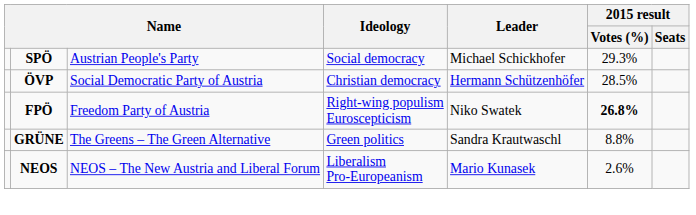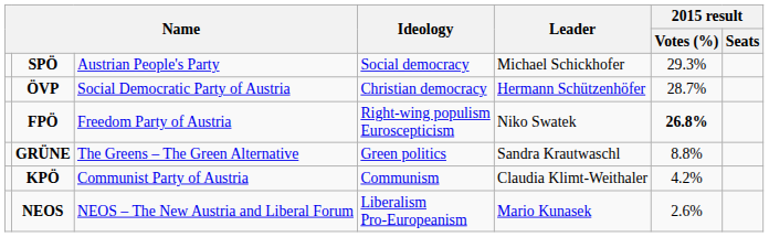 <table class="wikitable">
 <tr>
 <th rowspan="2" colspan="3">Name</th>
 <th rowspan="2">Ideology</th>
 <th rowspan="2">Leader</th>
 <th colspan="2">2015 result</th>
 </tr>
 <tr>
 <th>Votes (%)</th>
 <th>Seats</th>
 </tr>
 <tr>
 <td style="background:"></td>
 <td style="text-align:center;"><strong>SPÖ</strong></td>
 <td><a href='#'>Austrian People's Party</a><br></td>
 <td><a href='#'>Social democracy</a></td>
 <td>Michael Schickhofer</td>
 <td style="text-align:center;">29.3%</td>
 <td></td>
 </tr>
 <tr>
 <td style="background:"></td>
 <td style="text-align:center;"><strong>ÖVP</strong></td>
 <td><a href='#'>Social Democratic Party of Austria</a><br></td>
 <td><a href='#'>Christian democracy</a></td>
 <td><a href='#'>Hermann Schützenhöfer</a></td>
-<td style="text-align:center;">28.5%</td>
+<td style="text-align:center;">28.7%</td>
 <td></td>
 </tr>
 <tr>
 <td style="background:"></td>
 <td style="text-align:center;"><strong>FPÖ</strong></td>
 <td><a href='#'>Freedom Party of Austria</a><br></td>
 <td><a href='#'>Right-wing populism</a><br><a href='#'>Euroscepticism</a></td>
 <td>Niko Swatek</td>
 <td style="text-align:center;"><strong>26.8%</strong></td>
 <td></td>
 </tr>
 <tr>
 <td style="background:"></td>
 <td style="text-align:center;"><strong>GRÜNE</strong></td>
 <td><a href='#'>The Greens – The Green Alternative</a><br></td>
 <td><a href='#'>Green politics</a></td>
 <td>Sandra Krautwaschl</td>
 <td style="text-align:center;">8.8%</td>
 <td></td>
 </tr>
 <tr>
 <td style="background:"></td>
+<td style="text-align:center;"><strong>KPÖ</strong></td>
+<td><a href='#'>Communist Party of Austria</a><br></td>
+<td><a href='#'>Communism</a></td>
+<td>Claudia Klimt-Weithaler</td>
+<td style="text-align:center;">4.2%</td>
+<td></td>
+</tr>
+<tr>
+<td style="background:"></td>
 <td style="text-align:center;"><strong>NEOS</strong></td>
 <td><a href='#'>NEOS – The New Austria and Liberal Forum</a><br></td>
 <td><a href='#'>Liberalism</a><br><a href='#'>Pro-Europeanism</a></td>
 <td><a href='#'>Mario Kunasek</a></td>
 <td style="text-align:center;">2.6%</td>
 <td></td>
 </tr>
 </table>
